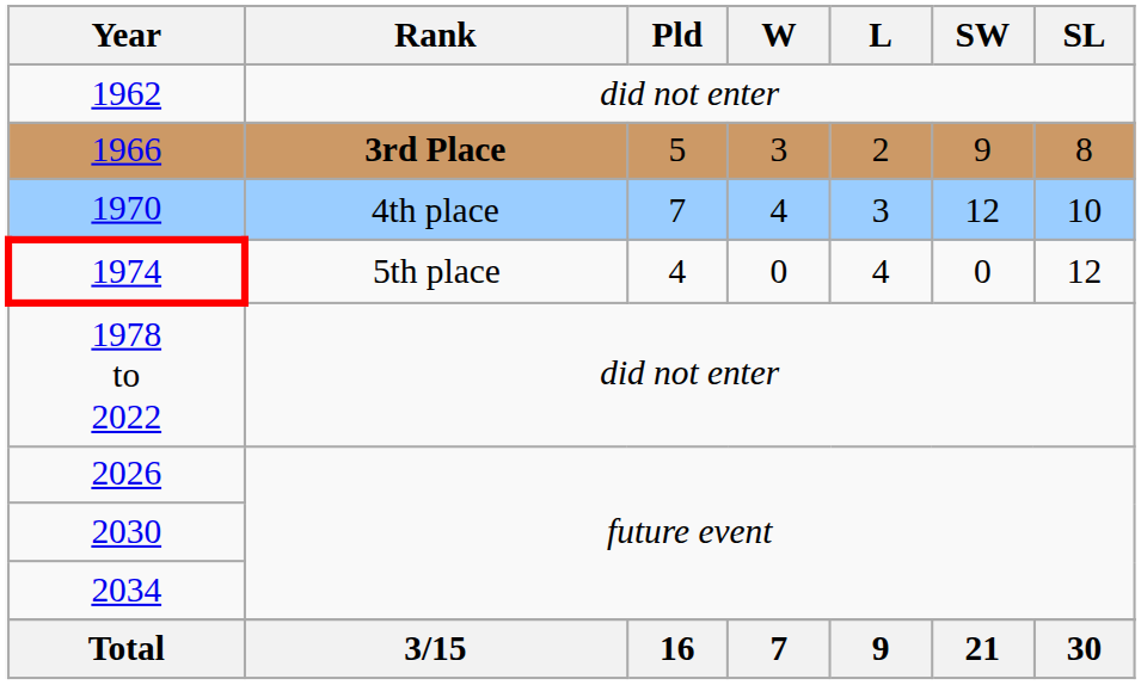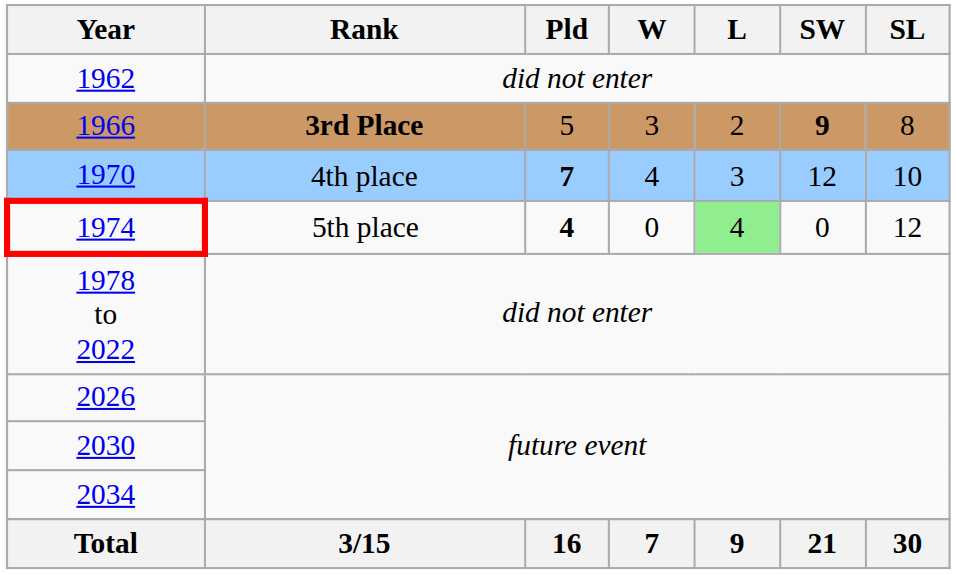 <table class="wikitable" style="text-align: center;font-size:90%;">
 <tr>
 <th width=90>Year</th>
 <th width=150>Rank</th>
 <th width=35>Pld</th>
 <th width=35>W</th>
 <th width=35>L</th>
 <th width=35>SW</th>
 <th width=35>SL</th>
 </tr>
 <tr>
 <td> <a href='#'>1962</a></td>
 <td colspan=6><em>did not enter</em></td>
 </tr>
 <tr bgcolor="#cc9966">
 <td> <a href='#'>1966</a></td>
 <td><strong>3rd Place</strong></td>
 <td>5</td>
 <td>3</td>
 <td>2</td>
-<td>9</td>
+<td><strong>9</strong></td>
 <td>8</td>
 </tr>
 <tr bgcolor=#9acdff>
 <td> <a href='#'>1970</a></td>
 <td>4th place</td>
-<td>7</td>
+<td><strong>7</strong></td>
 <td>4</td>
 <td>3</td>
 <td>12</td>
 <td>10</td>
 </tr>
 <tr>
 <td style="border: 3px solid red"> <a href='#'>1974</a></td>
 <td>5th place</td>
-<td>4</td>
+<td><strong>4</strong></td>
 <td>0</td>
-<td>4</td>
+<td style="background: lightgreen;">4</td>
 <td>0</td>
 <td>12</td>
 </tr>
 <tr>
 <td> <a href='#'>1978</a><br>to<br> <a href='#'>2022</a></td>
 <td colspan=6><em>did not enter</em></td>
 </tr>
 <tr>
 <td> <a href='#'>2026</a></td>
 <td Colspan=6 rowspan=3><em>future event</em></td>
 </tr>
 <tr>
 <td> <a href='#'>2030</a></td>
 </tr>
 <tr>
 <td> <a href='#'>2034</a></td>
 </tr>
 <tr>
 </tr>
 <tr>
 <th>Total</th>
 <th>3/15</th>
 <th>16</th>
 <th>7</th>
 <th>9</th>
 <th>21</th>
 <th>30</th>
 </tr>
 </table>
